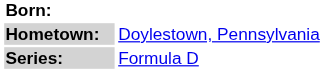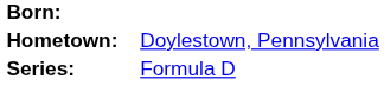 <table class="toccolours" style="float:right; margin-left:1em; width:280px; font-size:90%;">
 <tr style="vertical-align: top;">
 <td colspan=3 align="center"></td>
 </tr>
 <tr style="vertical-align: top;">
 <td width=90><strong>Born:</strong></td>
 <td colspan=2></td>
 </tr>
 <tr style="vertical-align: top;">
-<td style="background: lightgrey;"><strong>Hometown:</strong></td>
+<td><strong>Hometown:</strong></td>
 <td colspan=2><a href='#'>Doylestown, Pennsylvania</a></td>
 </tr>
 <tr style="vertical-align: top;">
-<td style="background: lightgrey;"><strong>Series:</strong></td>
+<td><strong>Series:</strong></td>
 <td colspan=2><a href='#'>Formula D</a></td>
 </tr>
 <tr style="vertical-align: top;">
 </tr>
 </table>
